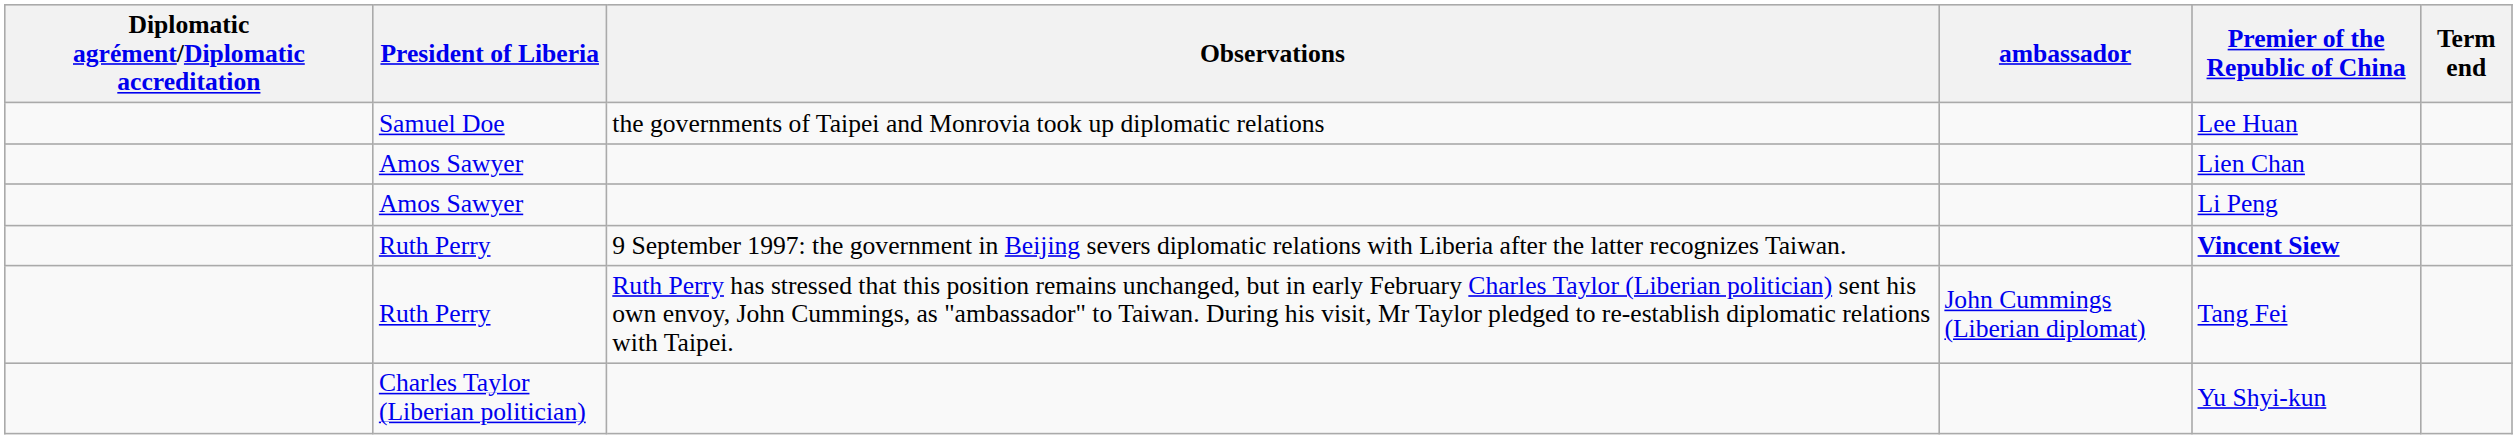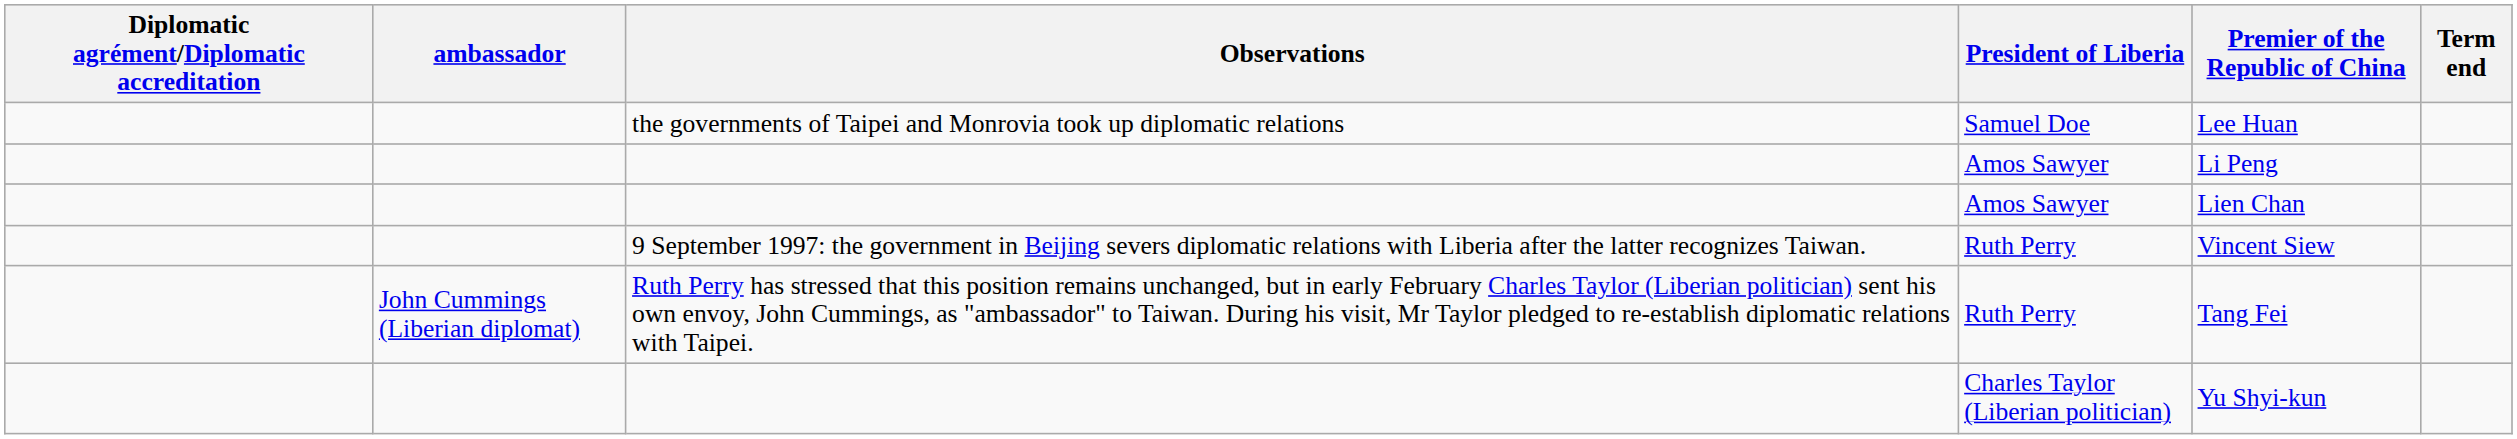 <table class="wikitable sortable">
 <tr>
 <th>Diplomatic <a href='#'>agrément</a>/<a href='#'>Diplomatic accreditation</a></th>
+<th><a href='#'>ambassador</a></th>
+<th>Observations</th>
 <th><a href='#'>President of Liberia</a></th>
-<th>Observations</th>
-<th><a href='#'>ambassador</a></th>
 <th><a href='#'>Premier of the Republic of China</a></th>
 <th>Term end</th>
 </tr>
 <tr>
 <td></td>
+<td></td>
+<td>the governments of Taipei and Monrovia took up diplomatic relations</td>
 <td><a href='#'>Samuel Doe</a></td>
-<td>the governments of Taipei and Monrovia took up diplomatic relations</td>
-<td></td>
 <td><a href='#'>Lee Huan</a></td>
 <td></td>
 </tr>
 <tr>
 <td></td>
-<td><a href='#'>Amos Sawyer</a></td>
 <td></td>
 <td></td>
+<td><a href='#'>Amos Sawyer</a></td>
+<td><a href='#'>Li Peng</a></td>
+<td></td>
+</tr>
+<tr>
+<td></td>
+<td></td>
+<td></td>
+<td><a href='#'>Amos Sawyer</a></td>
 <td><a href='#'>Lien Chan</a></td>
 <td></td>
 </tr>
 <tr>
 <td></td>
-<td><a href='#'>Amos Sawyer</a></td>
 <td></td>
-<td></td>
-<td><a href='#'>Li Peng</a></td>
+<td>9 September 1997: the government in <a href='#'>Beijing</a> severs diplomatic relations with Liberia after the latter recognizes Taiwan.</td>
+<td><a href='#'>Ruth Perry</a></td>
+<td><a href='#'>Vincent Siew</a></td>
 <td></td>
 </tr>
 <tr>
 <td></td>
+<td><a href='#'>John Cummings (Liberian diplomat)</a></td>
+<td><a href='#'>Ruth Perry</a> has stressed that this position remains unchanged, but in early February <a href='#'>Charles Taylor (Liberian politician)</a> sent his own envoy, John Cummings, as "ambassador" to Taiwan. During his visit, Mr Taylor pledged to re-establish diplomatic relations with Taipei.</td>
 <td><a href='#'>Ruth Perry</a></td>
-<td>9 September 1997: the government in <a href='#'>Beijing</a> severs diplomatic relations with Liberia after the latter recognizes Taiwan.</td>
-<td></td>
-<td><strong><a href='#'>Vincent Siew</a></strong></td>
-<td></td>
-</tr>
-<tr>
-<td></td>
-<td><a href='#'>Ruth Perry</a></td>
-<td><a href='#'>Ruth Perry</a> has stressed that this position remains unchanged, but in early February <a href='#'>Charles Taylor (Liberian politician)</a> sent his own envoy, John Cummings, as "ambassador" to Taiwan. During his visit, Mr Taylor pledged to re-establish diplomatic relations with Taipei.</td>
-<td><a href='#'>John Cummings (Liberian diplomat)</a></td>
 <td><a href='#'>Tang Fei</a></td>
 <td></td>
 </tr>
 <tr>
 <td></td>
-<td><a href='#'>Charles Taylor (Liberian politician)</a></td>
 <td></td>
 <td></td>
+<td><a href='#'>Charles Taylor (Liberian politician)</a></td>
 <td><a href='#'>Yu Shyi-kun</a></td>
 <td></td>
 </tr>
 </table>
